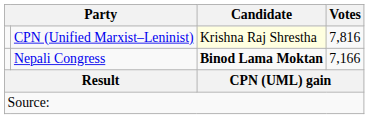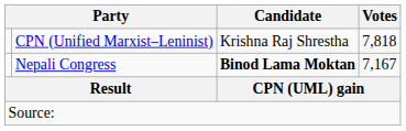 <table class="wikitable">
 <tr>
 <th colspan="2">Party</th>
 <th>Candidate</th>
 <th>Votes</th>
 </tr>
 <tr>
 <td style="background-color:"></td>
 <td><a href='#'>CPN (Unified Marxist–Leninist)</a></td>
-<td style="background: lightyellow;">Krishna Raj Shrestha</td>
-<td>7,816</td>
+<td>Krishna Raj Shrestha</td>
+<td>7,818</td>
 </tr>
 <tr>
 <td style="background-color:"></td>
 <td><a href='#'>Nepali Congress</a></td>
 <td><strong>Binod Lama Moktan</strong></td>
-<td>7,166</td>
+<td>7,167</td>
 </tr>
 <tr>
 <th colspan="2">Result</th>
 <th colspan="2">CPN (UML) gain</th>
 </tr>
 <tr>
 <td colspan="4">Source: </td>
 </tr>
 </table>
